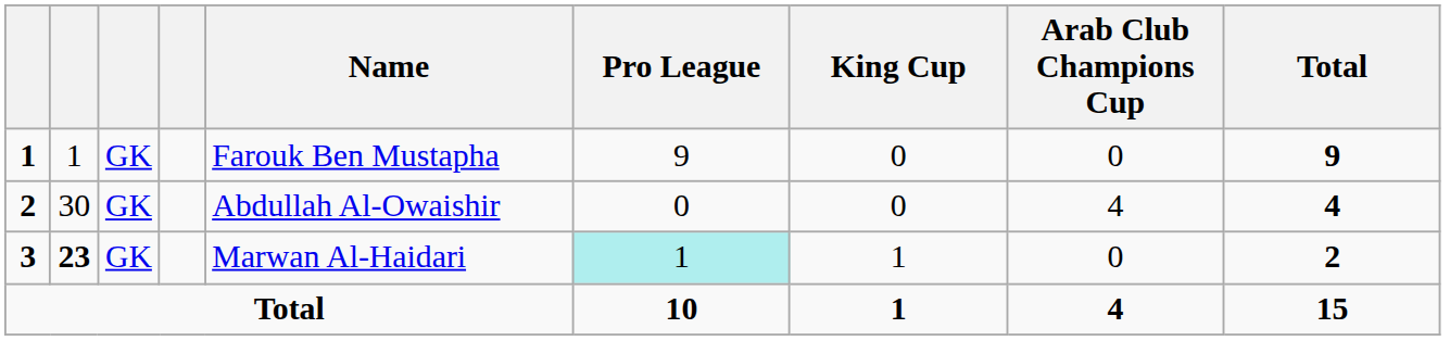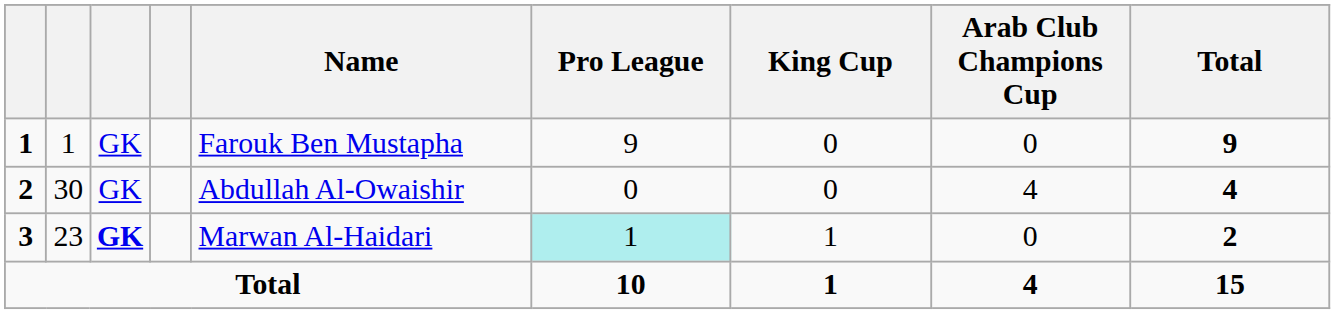 <table class="wikitable" style="text-align:center">
 <tr>
 <th width=15></th>
 <th width=15></th>
 <th width=15></th>
 <th width=15></th>
 <th width=175>Name</th>
 <th width=100>Pro League</th>
 <th width=100>King Cup</th>
 <th width=100>Arab Club Champions Cup</th>
 <th width=100>Total</th>
 </tr>
 <tr>
 <td><strong>1</strong></td>
 <td>1</td>
 <td><a href='#'>GK</a></td>
 <td></td>
 <td align=left><a href='#'>Farouk Ben Mustapha</a></td>
 <td>9</td>
 <td>0</td>
 <td>0</td>
 <td><strong>9</strong></td>
 </tr>
 <tr>
 <td><strong>2</strong></td>
 <td>30</td>
 <td><a href='#'>GK</a></td>
 <td></td>
 <td align=left><a href='#'>Abdullah Al-Owaishir</a></td>
 <td>0</td>
 <td>0</td>
 <td>4</td>
 <td><strong>4</strong></td>
 </tr>
 <tr>
 <td><strong>3</strong></td>
-<td><strong>23</strong></td>
-<td><a href='#'>GK</a></td>
+<td>23</td>
+<td><strong><a href='#'>GK</a></strong></td>
 <td></td>
 <td align=left><a href='#'>Marwan Al-Haidari</a></td>
 <td style="background: paleturquoise;">1</td>
 <td>1</td>
 <td>0</td>
 <td><strong>2</strong></td>
 </tr>
 <tr>
 <td colspan=5><strong>Total</strong></td>
 <td><strong>10</strong></td>
 <td><strong>1</strong></td>
 <td><strong>4</strong></td>
 <td><strong>15</strong></td>
 </tr>
 </table>
